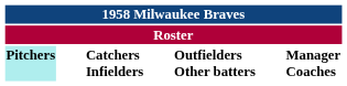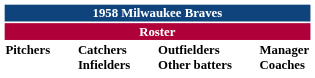 <table class="toccolours" style="font-size: 95%;">
 <tr>
 <th colspan="10" style="background-color: #0f437c; color: white; text-align: center;">1958 Milwaukee Braves</th>
 </tr>
 <tr>
 <td colspan="10" style="background-color: #af0039; color: white; text-align: center;"><strong>Roster</strong></td>
 </tr>
 <tr>
-<td valign="top" style="background: paleturquoise;"><strong>Pitchers</strong><br>            </td>
+<td valign="top"><strong>Pitchers</strong><br>            </td>
 <td width="25px"></td>
 <td valign="top"><strong>Catchers</strong><br>   <strong>Infielders</strong>        </td>
 <td width="25px"></td>
 <td valign="top"><strong>Outfielders</strong><br>          <strong>Other batters</strong> </td>
 <td width="25px"></td>
 <td valign="top"><strong>Manager</strong><br> <strong>Coaches</strong>    </td>
 </tr>
 </table>
